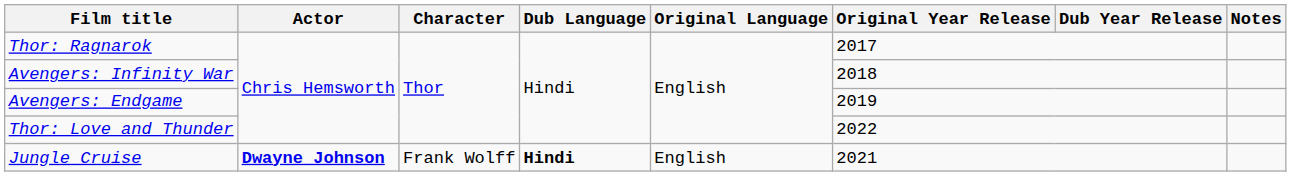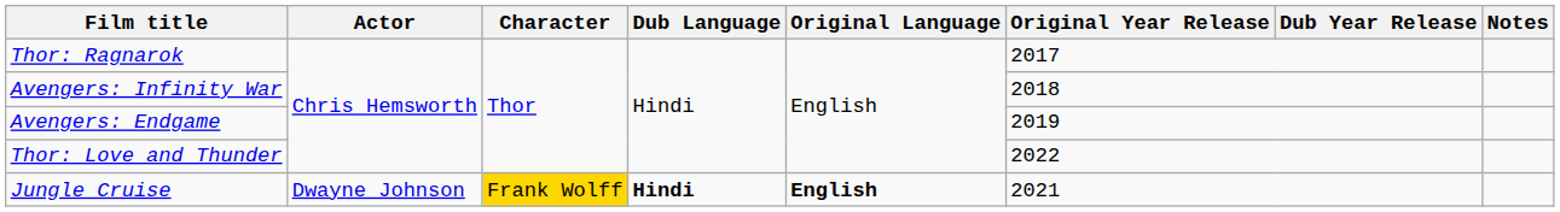 <table class="wikitable">
 <tr>
 <th>Film title</th>
 <th>Actor</th>
 <th>Character</th>
 <th>Dub Language</th>
 <th>Original Language</th>
 <th>Original Year Release</th>
 <th>Dub Year Release</th>
 <th>Notes</th>
 </tr>
 <tr>
 <td><em><a href='#'>Thor: Ragnarok</a></em></td>
 <td rowspan="4"><a href='#'>Chris Hemsworth</a></td>
 <td rowspan="4"><a href='#'>Thor</a></td>
 <td rowspan="4">Hindi</td>
 <td rowspan="4">English</td>
 <td colspan="2">2017</td>
 <td></td>
 </tr>
 <tr>
 <td><em><a href='#'>Avengers: Infinity War</a></em> </td>
 <td colspan="2">2018</td>
 <td></td>
 </tr>
 <tr>
 <td><em><a href='#'>Avengers: Endgame</a></em></td>
 <td colspan="2">2019</td>
 <td></td>
 </tr>
 <tr>
 <td><em><a href='#'>Thor: Love and Thunder</a></em></td>
 <td colspan="2">2022</td>
 </tr>
 <tr>
 <td><em><a href='#'>Jungle Cruise</a></em></td>
-<td><strong><a href='#'>Dwayne Johnson</a></strong></td>
-<td>Frank Wolff</td>
+<td><a href='#'>Dwayne Johnson</a></td>
+<td style="background: gold;">Frank Wolff</td>
 <td><strong>Hindi</strong></td>
-<td>English</td>
+<td><strong>English</strong></td>
 <td colspan="2">2021</td>
 <td></td>
 </tr>
 </table>
